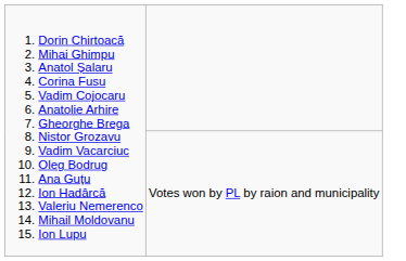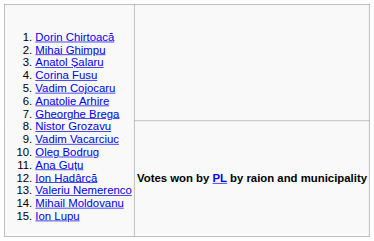 <table class=wikitable>
 <tr>
 <td valign=top rowspan=2><br><ol><li><a href='#'>Dorin Chirtoacă</a></li><li><a href='#'>Mihai Ghimpu</a></li><li><a href='#'>Anatol Șalaru</a></li><li><a href='#'>Corina Fusu</a></li><li><a href='#'>Vadim Cojocaru</a></li><li><a href='#'>Anatolie Arhire</a></li><li><a href='#'>Gheorghe Brega</a></li><li><a href='#'>Nistor Grozavu</a></li><li><a href='#'>Vadim Vacarciuc</a></li><li><a href='#'>Oleg Bodrug</a></li><li><a href='#'>Ana Guțu</a></li><li><a href='#'>Ion Hadârcă</a></li><li><a href='#'>Valeriu Nemerenco</a></li><li><a href='#'>Mihail Moldovanu</a></li><li><a href='#'>Ion Lupu</a></li></ol></td>
 <td><br></td>
 </tr>
 <tr>
-<td align=center>Votes won by <a href='#'>PL</a> by raion and municipality</td>
+<td align=center><strong>Votes won by <a href='#'>PL</a> by raion and municipality</strong></td>
 </tr>
 </table>
